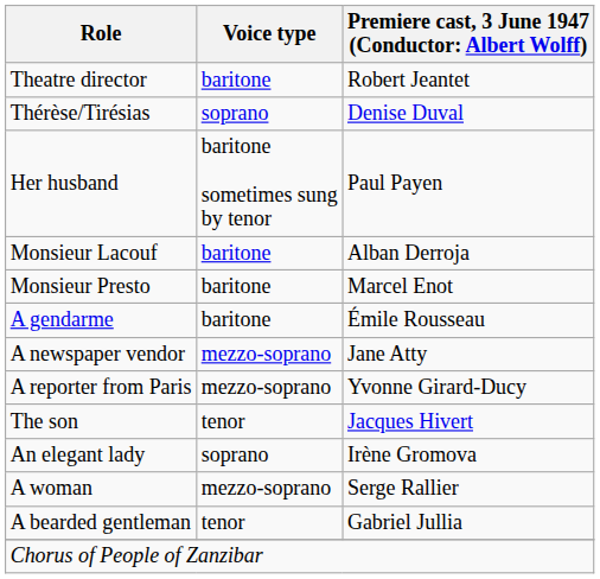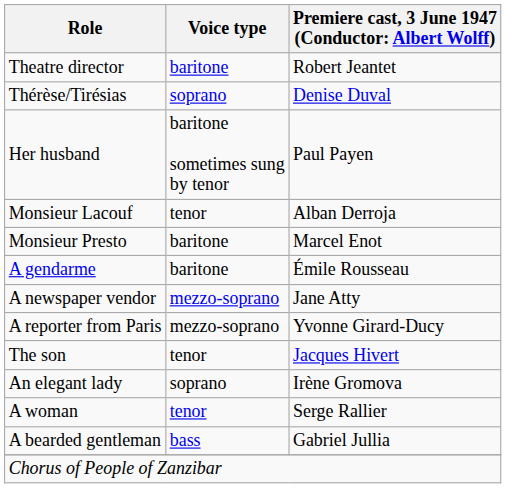 <table class="wikitable">
 <tr>
 <th>Role</th>
 <th>Voice type</th>
 <th>Premiere cast, 3 June 1947<br>(Conductor: <a href='#'>Albert Wolff</a>)</th>
 </tr>
 <tr>
 <td>Theatre director</td>
 <td><a href='#'>baritone</a></td>
 <td>Robert Jeantet</td>
 </tr>
 <tr>
 <td>Thérèse/Tirésias</td>
 <td><a href='#'>soprano</a></td>
 <td><a href='#'>Denise Duval</a></td>
 </tr>
 <tr>
 <td>Her husband</td>
 <td>baritone<br><br>sometimes sung<br> by tenor</td>
 <td>Paul Payen</td>
 </tr>
 <tr>
 <td>Monsieur Lacouf</td>
-<td><a href='#'>baritone</a></td>
+<td>tenor</td>
 <td>Alban Derroja</td>
 </tr>
 <tr>
 <td>Monsieur Presto</td>
 <td>baritone</td>
 <td>Marcel Enot</td>
 </tr>
 <tr>
 <td><a href='#'>A gendarme</a></td>
 <td>baritone</td>
 <td>Émile Rousseau</td>
 </tr>
 <tr>
 <td>A newspaper vendor</td>
 <td><a href='#'>mezzo-soprano</a></td>
 <td>Jane Atty</td>
 </tr>
 <tr>
 <td>A reporter from Paris</td>
 <td>mezzo-soprano</td>
 <td>Yvonne Girard-Ducy</td>
 </tr>
 <tr>
 <td>The son</td>
 <td>tenor</td>
 <td><a href='#'>Jacques Hivert</a></td>
 </tr>
 <tr>
 <td>An elegant lady</td>
 <td>soprano</td>
 <td>Irène Gromova</td>
 </tr>
 <tr>
 <td>A woman</td>
-<td>mezzo-soprano</td>
+<td><a href='#'>tenor</a></td>
 <td>Serge Rallier</td>
 </tr>
 <tr>
 <td>A bearded gentleman</td>
-<td>tenor</td>
+<td><a href='#'>bass</a></td>
 <td>Gabriel Jullia</td>
 </tr>
 <tr>
 </tr>
 <tr>
 <td colspan="3"><em>Chorus of People of Zanzibar</em></td>
 </tr>
 </table>
